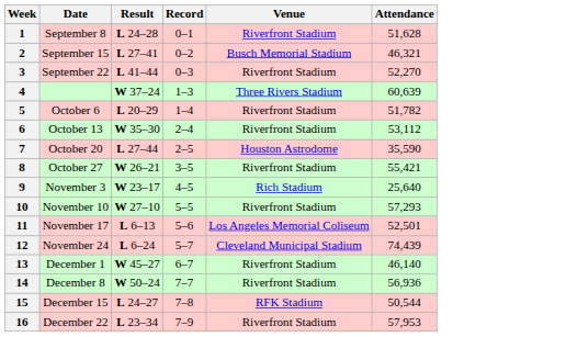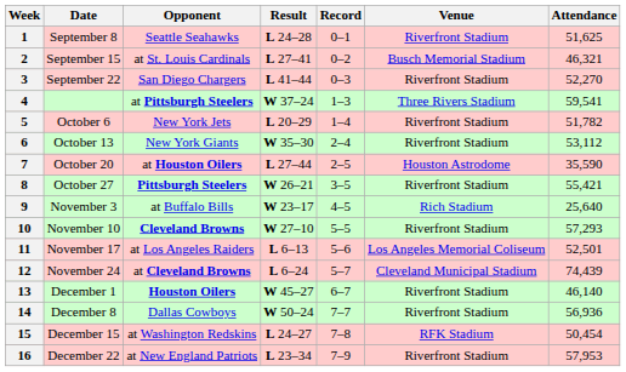 <table class="wikitable" style="text-align:center">
 <tr>
 <th>Week</th>
 <th>Date</th>
+<th>Opponent</th>
 <th>Result</th>
 <th>Record</th>
 <th>Venue</th>
 <th>Attendance</th>
 </tr>
 <tr style="background:#fcc">
 <th>1</th>
 <td>September 8</td>
+<td><a href='#'>Seattle Seahawks</a></td>
 <td><strong>L</strong> 24–28</td>
 <td>0–1</td>
 <td><a href='#'>Riverfront Stadium</a></td>
-<td>51,628</td>
+<td>51,625</td>
 </tr>
 <tr style="background:#fcc">
 <th>2</th>
 <td>September 15</td>
+<td>at <a href='#'>St. Louis Cardinals</a></td>
 <td><strong>L</strong> 27–41</td>
 <td>0–2</td>
 <td><a href='#'>Busch Memorial Stadium</a></td>
 <td>46,321</td>
 </tr>
 <tr style="background:#fcc">
 <th>3</th>
 <td>September 22</td>
+<td><a href='#'>San Diego Chargers</a></td>
 <td><strong>L</strong> 41–44</td>
 <td>0–3</td>
 <td>Riverfront Stadium</td>
 <td>52,270</td>
 </tr>
 <tr style="background:#cfc">
 <th>4</th>
 <td></td>
+<td>at <strong><a href='#'>Pittsburgh Steelers</a></strong></td>
 <td><strong>W</strong> 37–24</td>
 <td>1–3</td>
 <td><a href='#'>Three Rivers Stadium</a></td>
-<td>60,639</td>
+<td>59,541</td>
 </tr>
 <tr style="background:#fcc">
 <th>5</th>
 <td>October 6</td>
+<td><a href='#'>New York Jets</a></td>
 <td><strong>L</strong> 20–29</td>
 <td>1–4</td>
 <td>Riverfront Stadium</td>
 <td>51,782</td>
 </tr>
 <tr style="background:#cfc">
 <th>6</th>
 <td>October 13</td>
+<td><a href='#'>New York Giants</a></td>
 <td><strong>W</strong> 35–30</td>
 <td>2–4</td>
 <td>Riverfront Stadium</td>
 <td>53,112</td>
 </tr>
 <tr style="background:#fcc">
 <th>7</th>
 <td>October 20</td>
+<td>at <strong><a href='#'>Houston Oilers</a></strong></td>
 <td><strong>L</strong> 27–44</td>
 <td>2–5</td>
 <td><a href='#'>Houston Astrodome</a></td>
 <td>35,590</td>
 </tr>
 <tr style="background:#cfc">
 <th>8</th>
 <td>October 27</td>
+<td><strong><a href='#'>Pittsburgh Steelers</a></strong></td>
 <td><strong>W</strong> 26–21</td>
 <td>3–5</td>
 <td>Riverfront Stadium</td>
 <td>55,421</td>
 </tr>
 <tr style="background:#cfc">
 <th>9</th>
 <td>November 3</td>
+<td>at <a href='#'>Buffalo Bills</a></td>
 <td><strong>W</strong> 23–17</td>
 <td>4–5</td>
 <td><a href='#'>Rich Stadium</a></td>
 <td>25,640</td>
 </tr>
 <tr style="background:#cfc">
 <th>10</th>
 <td>November 10</td>
+<td><strong><a href='#'>Cleveland Browns</a></strong></td>
 <td><strong>W</strong> 27–10</td>
 <td>5–5</td>
 <td>Riverfront Stadium</td>
 <td>57,293</td>
 </tr>
 <tr style="background:#fcc">
 <th>11</th>
 <td>November 17</td>
+<td>at <a href='#'>Los Angeles Raiders</a></td>
 <td><strong>L</strong> 6–13</td>
 <td>5–6</td>
 <td><a href='#'>Los Angeles Memorial Coliseum</a></td>
 <td>52,501</td>
 </tr>
 <tr style="background:#fcc">
 <th>12</th>
 <td>November 24</td>
+<td>at <strong><a href='#'>Cleveland Browns</a></strong></td>
 <td><strong>L</strong> 6–24</td>
 <td>5–7</td>
 <td><a href='#'>Cleveland Municipal Stadium</a></td>
 <td>74,439</td>
 </tr>
 <tr style="background:#cfc">
 <th>13</th>
 <td>December 1</td>
+<td><strong><a href='#'>Houston Oilers</a></strong></td>
 <td><strong>W</strong> 45–27</td>
 <td>6–7</td>
 <td>Riverfront Stadium</td>
 <td>46,140</td>
 </tr>
 <tr style="background:#cfc">
 <th>14</th>
 <td>December 8</td>
+<td><a href='#'>Dallas Cowboys</a></td>
 <td><strong>W</strong> 50–24</td>
 <td>7–7</td>
 <td>Riverfront Stadium</td>
 <td>56,936</td>
 </tr>
 <tr style="background:#fcc">
 <th>15</th>
 <td>December 15</td>
+<td>at <a href='#'>Washington Redskins</a></td>
 <td><strong>L</strong> 24–27</td>
 <td>7–8</td>
 <td><a href='#'>RFK Stadium</a></td>
-<td>50,544</td>
+<td>50,454</td>
 </tr>
 <tr style="background:#fcc">
 <th>16</th>
 <td>December 22</td>
+<td>at <a href='#'>New England Patriots</a></td>
 <td><strong>L</strong> 23–34</td>
 <td>7–9</td>
 <td>Riverfront Stadium</td>
 <td>57,953</td>
 </tr>
 </table>
